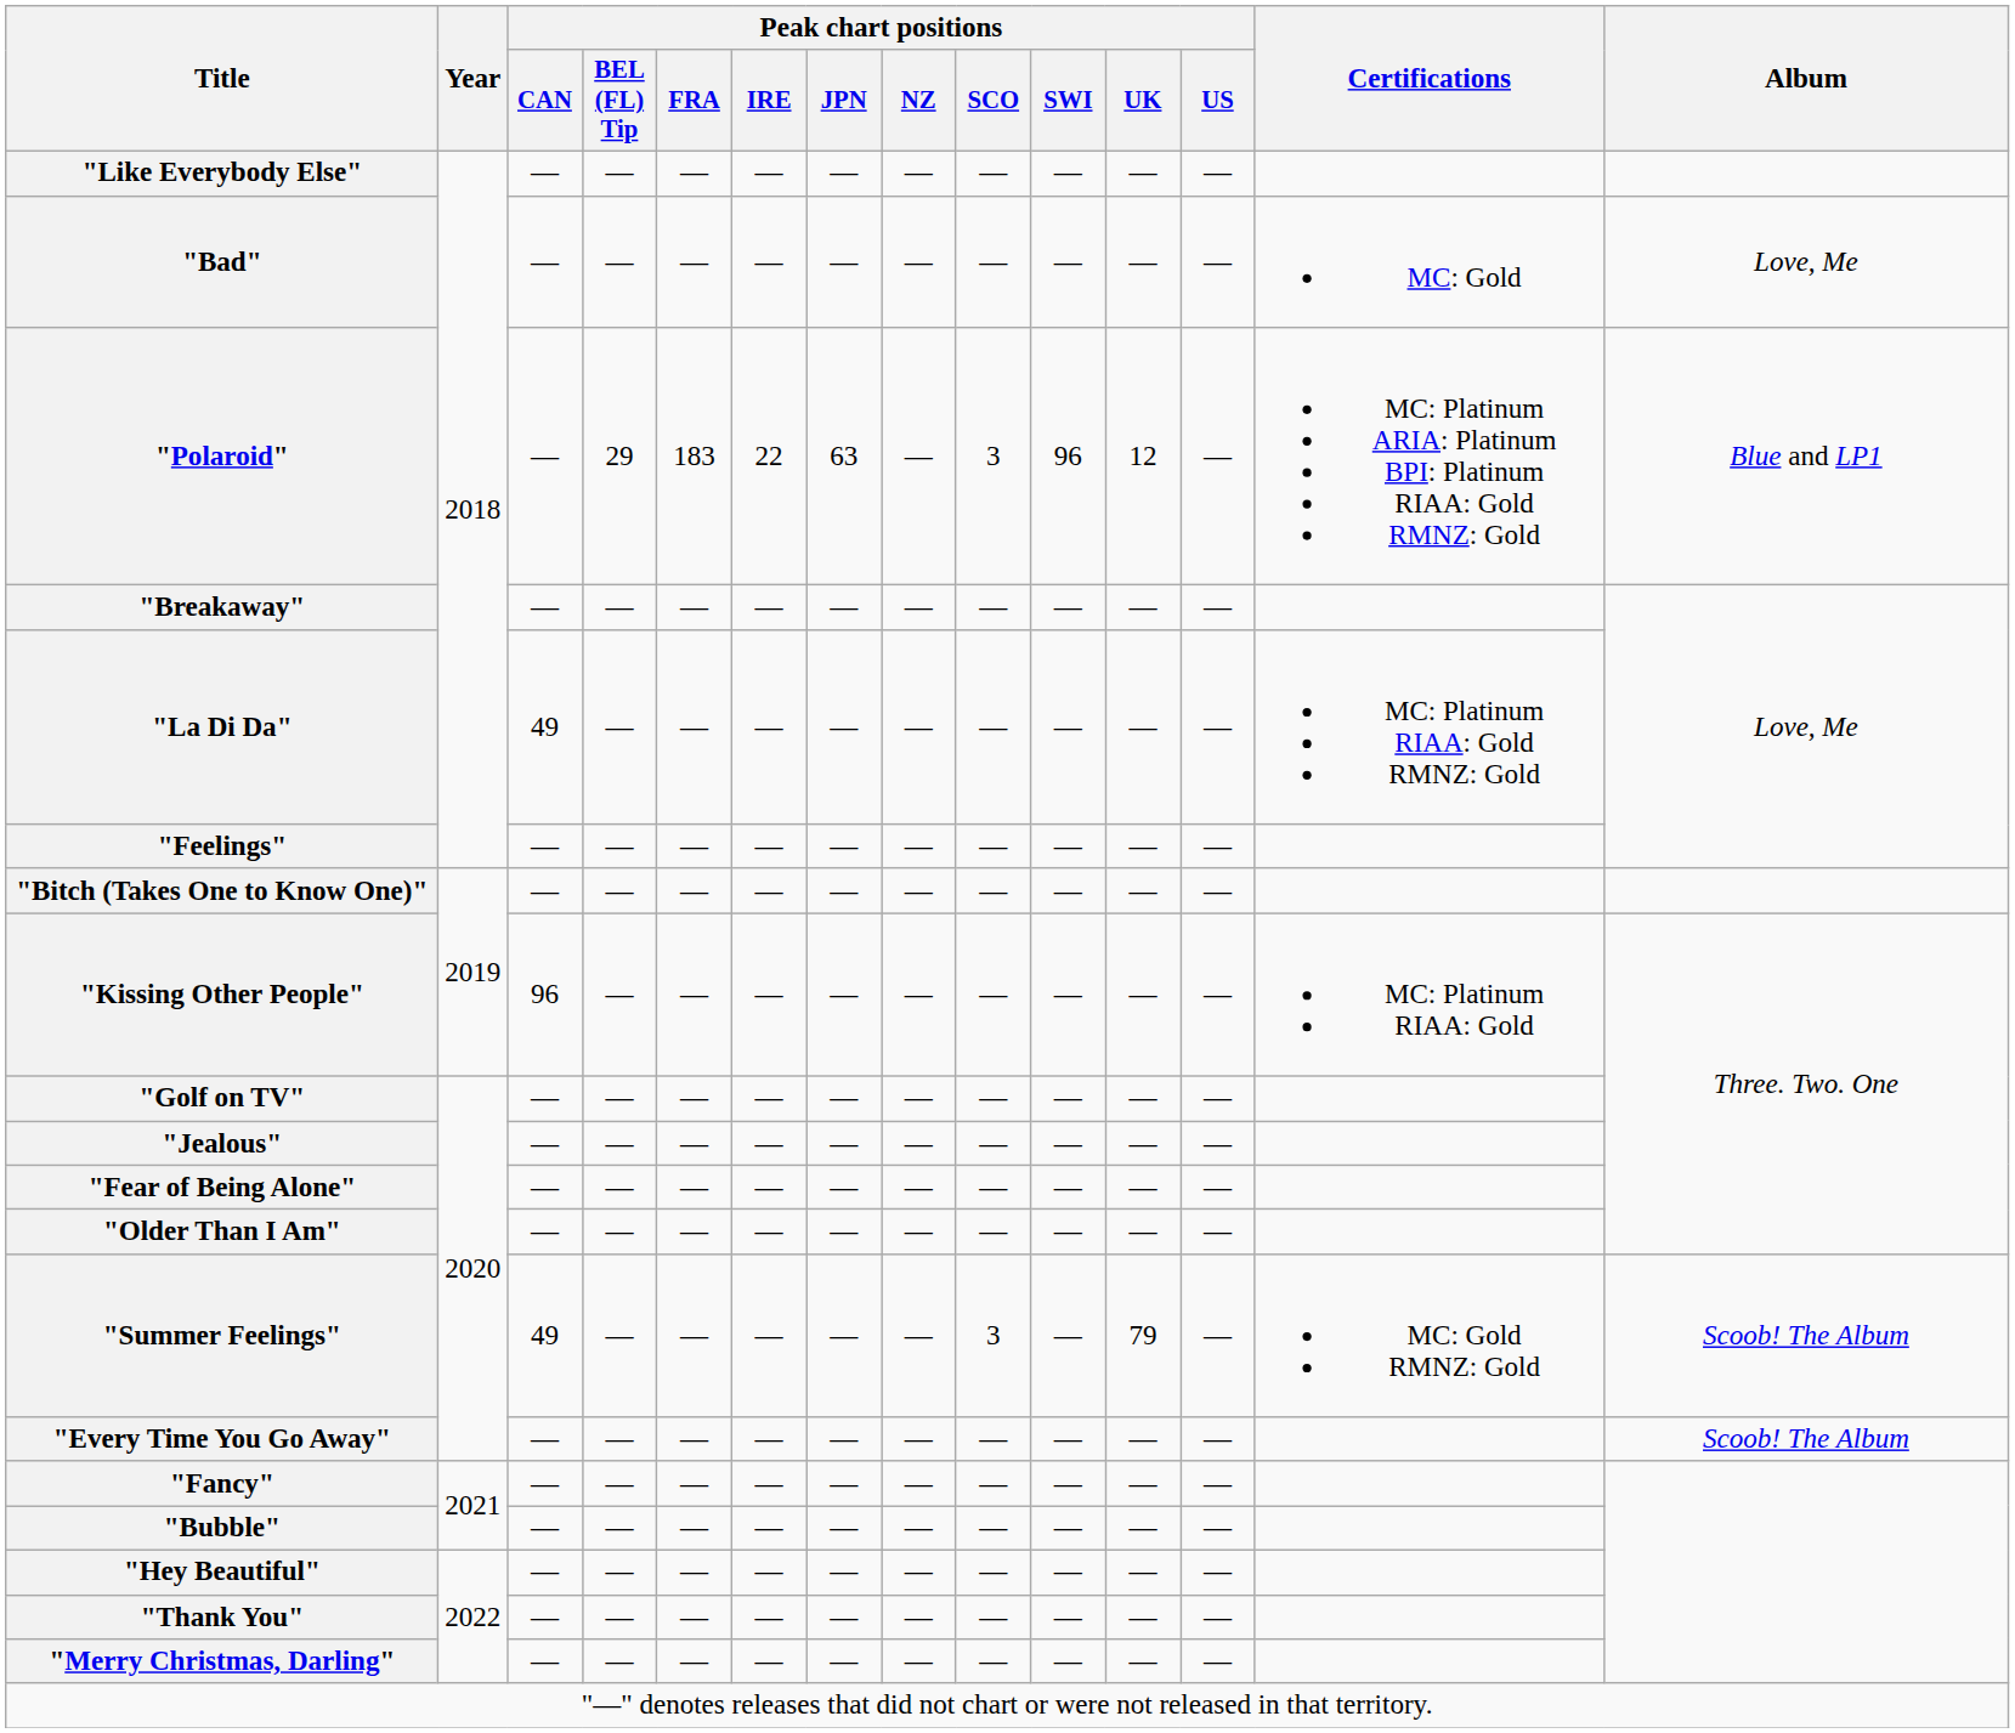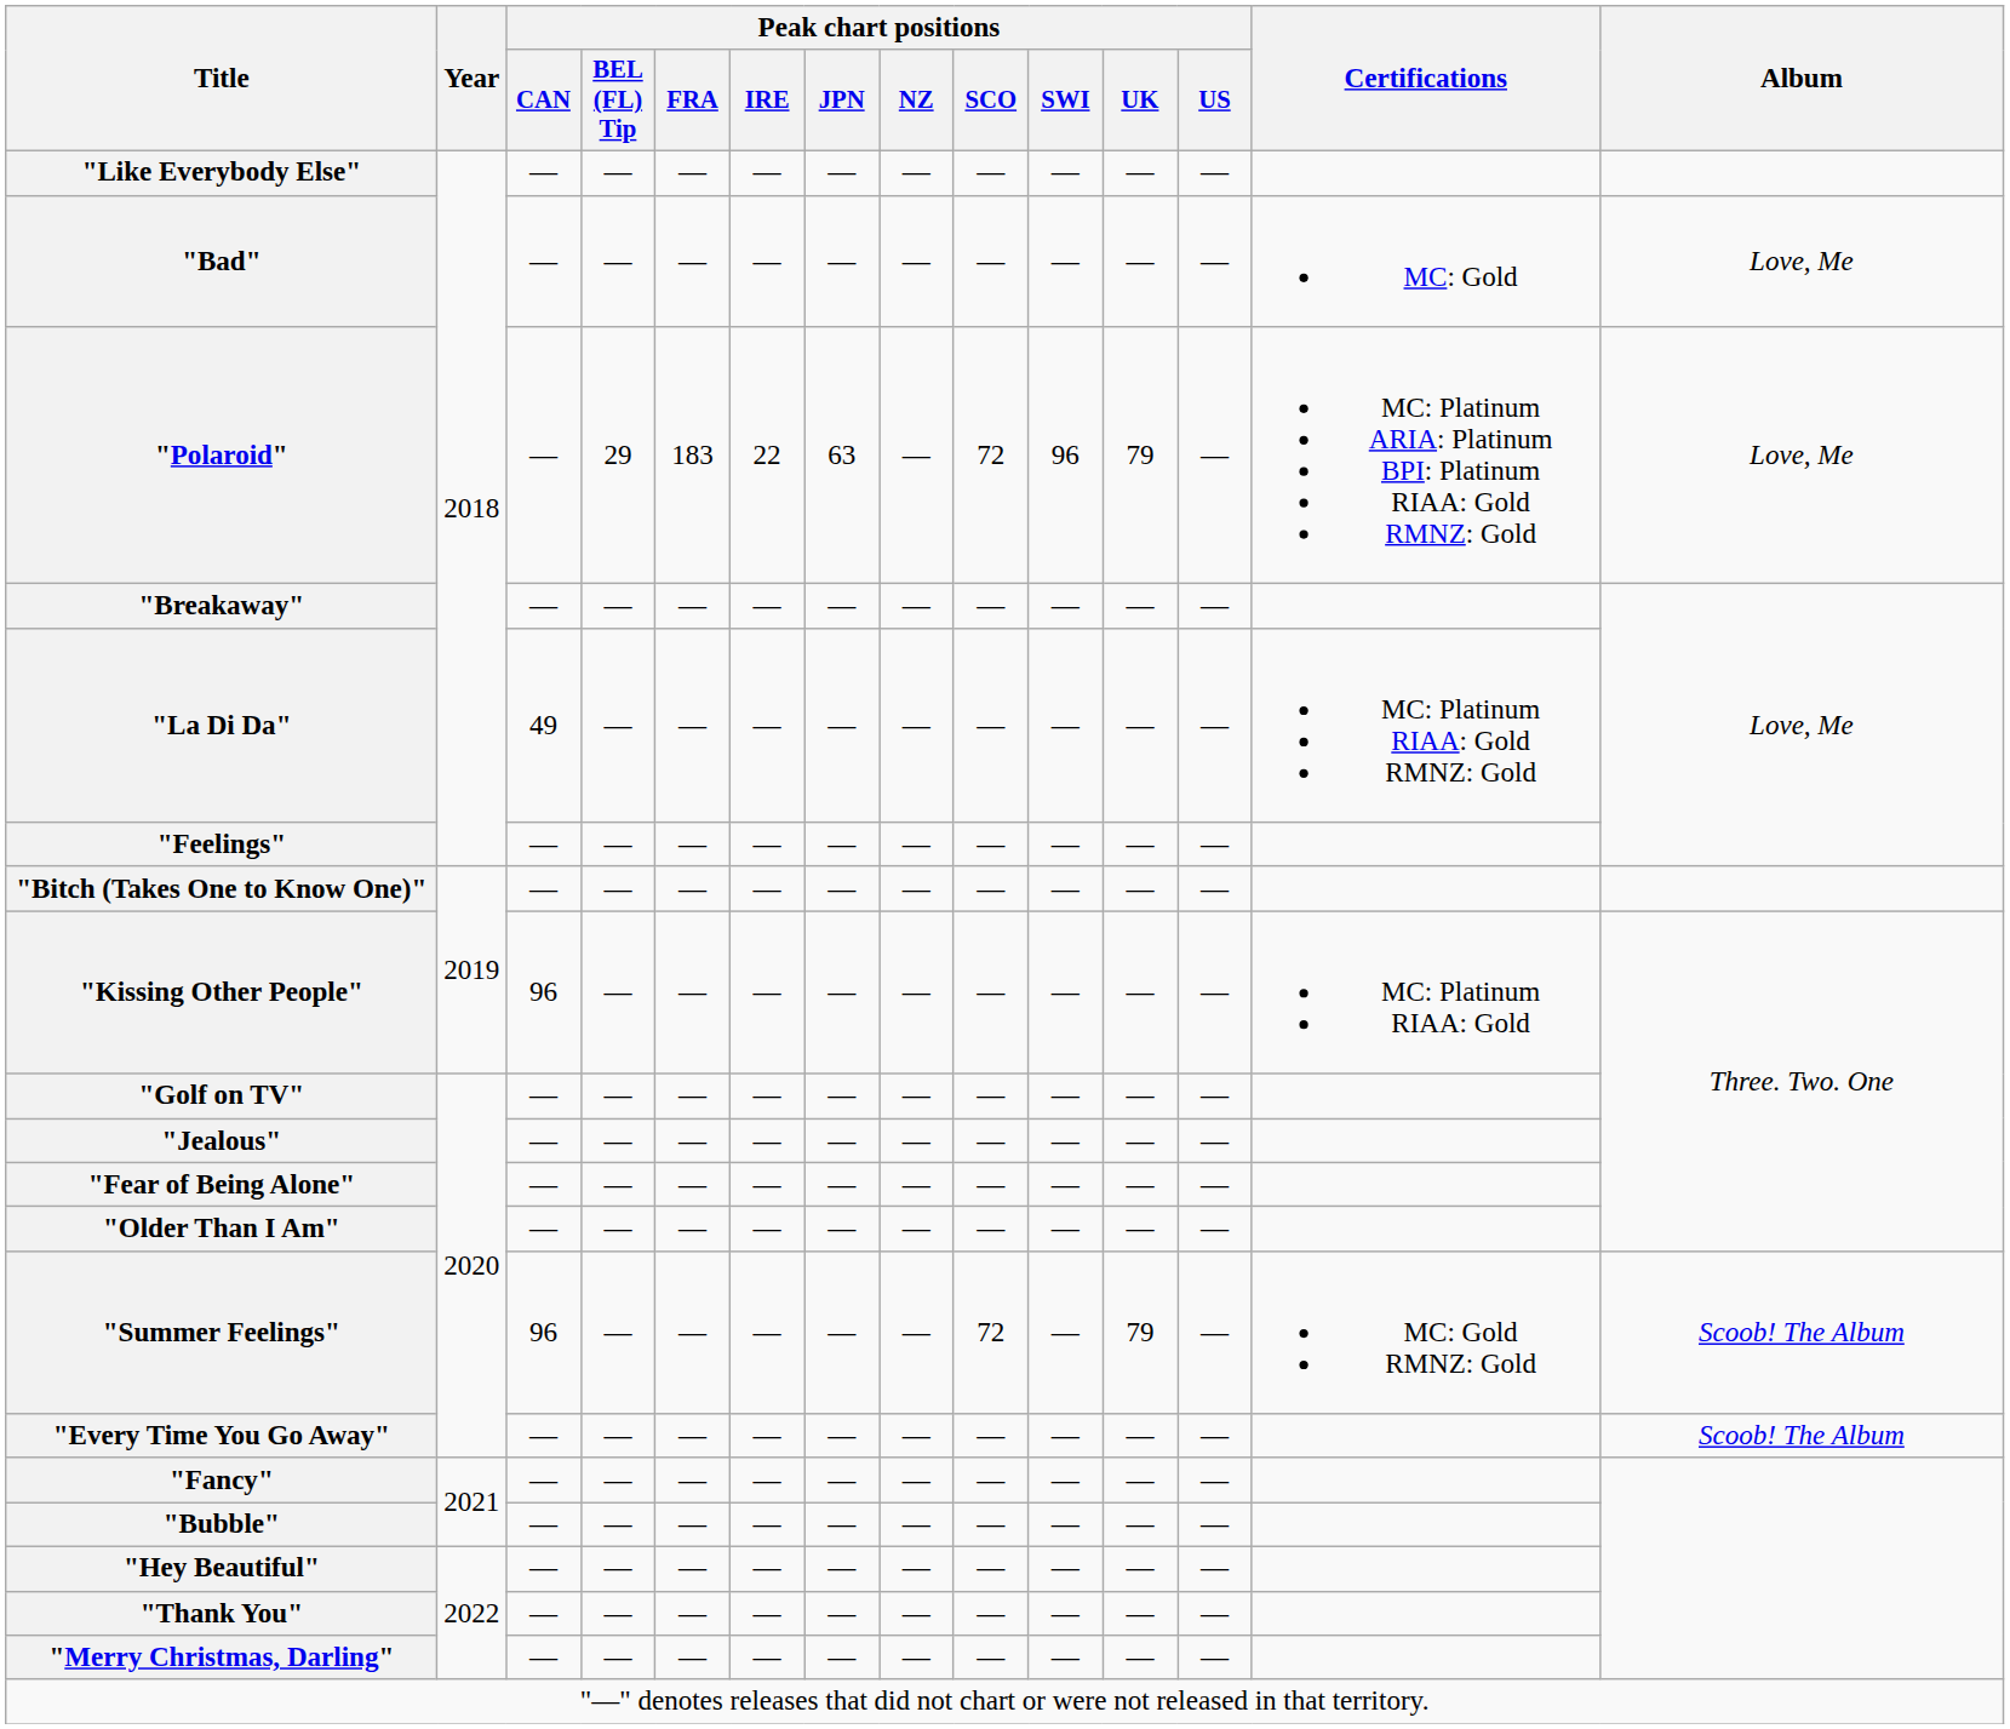 <table class="wikitable plainrowheaders" style="text-align:center;">
 <tr>
 <th scope="col" rowspan="2" style="width:15em;">Title</th>
 <th scope="col" rowspan="2" style="width:1em;">Year</th>
 <th scope="col" colspan="10">Peak chart positions</th>
 <th scope="col" rowspan="2" style="width:12em;"><a href='#'>Certifications</a></th>
 <th scope="col" rowspan="2" style="width:14em;">Album</th>
 </tr>
 <tr>
 <th scope="col" style="width:2.5em;font-size:90%;"><a href='#'>CAN</a><br></th>
 <th scope="col" style="width:2.5em;font-size:90%;"><a href='#'>BEL<br>(FL)<br>Tip</a><br></th>
 <th scope="col" style="width:2.5em;font-size:90%;"><a href='#'>FRA</a><br></th>
 <th scope="col" style="width:2.5em;font-size:90%;"><a href='#'>IRE</a><br></th>
 <th scope="col" style="width:2.5em;font-size:90%;"><a href='#'>JPN</a><br></th>
 <th scope="col" style="width:2.5em;font-size:90%;"><a href='#'>NZ</a><br></th>
 <th scope="col" style="width:2.5em;font-size:90%;"><a href='#'>SCO</a><br></th>
 <th scope="col" style="width:2.5em;font-size:90%;"><a href='#'>SWI</a><br></th>
 <th scope="col" style="width:2.5em;font-size:90%;"><a href='#'>UK</a><br></th>
 <th scope="col" style="width:2.5em;font-size:90%;"><a href='#'>US</a><br></th>
 </tr>
 <tr>
 <th scope="row">"Like Everybody Else"</th>
 <td rowspan="6">2018</td>
 <td>—</td>
 <td>—</td>
 <td>—</td>
 <td>—</td>
 <td>—</td>
 <td>—</td>
 <td>—</td>
 <td>—</td>
 <td>—</td>
 <td>—</td>
 <td></td>
 <td></td>
 </tr>
 <tr>
 <th scope="row">"Bad"</th>
 <td>—</td>
 <td>—</td>
 <td>—</td>
 <td>—</td>
 <td>—</td>
 <td>—</td>
 <td>—</td>
 <td>—</td>
 <td>—</td>
 <td>—</td>
 <td><br><ul><li><a href='#'>MC</a>: Gold</li></ul></td>
 <td><em>Love, Me</em></td>
 </tr>
 <tr>
 <th scope="row">"<a href='#'>Polaroid</a>"<br></th>
 <td>—</td>
 <td>29</td>
 <td>183</td>
 <td>22</td>
 <td>63</td>
 <td>—</td>
-<td>3</td>
+<td>72</td>
 <td>96</td>
-<td>12</td>
+<td>79</td>
 <td>—</td>
 <td><br><ul><li>MC: Platinum</li><li><a href='#'>ARIA</a>: Platinum</li><li><a href='#'>BPI</a>: Platinum</li><li>RIAA: Gold</li><li><a href='#'>RMNZ</a>: Gold</li></ul></td>
-<td><em><a href='#'>Blue</a></em> and <em><a href='#'>LP1</a></em></td>
+<td><em>Love, Me</em></td>
 </tr>
 <tr>
 <th scope="row">"Breakaway"</th>
 <td>—</td>
 <td>—</td>
 <td>—</td>
 <td>—</td>
 <td>—</td>
 <td>—</td>
 <td>—</td>
 <td>—</td>
 <td>—</td>
 <td>—</td>
 <td></td>
 <td rowspan="3"><em>Love, Me</em></td>
 </tr>
 <tr>
 <th scope="row">"La Di Da"</th>
 <td>49</td>
 <td>—</td>
 <td>—</td>
 <td>—</td>
 <td>—</td>
 <td>—</td>
 <td>—</td>
 <td>—</td>
 <td>—</td>
 <td>—</td>
 <td><br><ul><li>MC: Platinum</li><li><a href='#'>RIAA</a>: Gold</li><li>RMNZ: Gold</li></ul></td>
 </tr>
 <tr>
 <th scope="row">"Feelings"</th>
 <td>—</td>
 <td>—</td>
 <td>—</td>
 <td>—</td>
 <td>—</td>
 <td>—</td>
 <td>—</td>
 <td>—</td>
 <td>—</td>
 <td>—</td>
 <td></td>
 </tr>
 <tr>
 <th scope="row">"Bitch (Takes One to Know One)"</th>
 <td rowspan="2">2019</td>
 <td>—</td>
 <td>—</td>
 <td>—</td>
 <td>—</td>
 <td>—</td>
 <td>—</td>
 <td>—</td>
 <td>—</td>
 <td>—</td>
 <td>—</td>
 <td></td>
 <td></td>
 </tr>
 <tr>
 <th scope="row">"Kissing Other People"</th>
 <td>96</td>
 <td>—</td>
 <td>—</td>
 <td>—</td>
 <td>—</td>
 <td>—</td>
 <td>—</td>
 <td>—</td>
 <td>—</td>
 <td>—</td>
 <td><br><ul><li>MC: Platinum</li><li>RIAA: Gold</li></ul></td>
 <td rowspan="5"><em>Three. Two. One</em></td>
 </tr>
 <tr>
 <th scope="row">"Golf on TV"<br></th>
 <td rowspan="6">2020</td>
 <td>—</td>
 <td>—</td>
 <td>—</td>
 <td>—</td>
 <td>—</td>
 <td>—</td>
 <td>—</td>
 <td>—</td>
 <td>—</td>
 <td>—</td>
 <td></td>
 </tr>
 <tr>
 <th scope="row">"Jealous"</th>
 <td>—</td>
 <td>—</td>
 <td>—</td>
 <td>—</td>
 <td>—</td>
 <td>—</td>
 <td>—</td>
 <td>—</td>
 <td>—</td>
 <td>—</td>
 <td></td>
 </tr>
 <tr>
 <th scope="row">"Fear of Being Alone"</th>
 <td>—</td>
 <td>—</td>
 <td>—</td>
 <td>—</td>
 <td>—</td>
 <td>—</td>
 <td>—</td>
 <td>—</td>
 <td>—</td>
 <td>—</td>
 <td></td>
 </tr>
 <tr>
 <th scope="row">"Older Than I Am"</th>
 <td>—</td>
 <td>—</td>
 <td>—</td>
 <td>—</td>
 <td>—</td>
 <td>—</td>
 <td>—</td>
 <td>—</td>
 <td>—</td>
 <td>—</td>
 </tr>
 <tr>
 <th scope="row">"Summer Feelings"<br></th>
-<td>49</td>
+<td>96</td>
 <td>—</td>
 <td>—</td>
 <td>—</td>
 <td>—</td>
 <td>—</td>
-<td>3</td>
+<td>72</td>
 <td>—</td>
 <td>79</td>
 <td>—</td>
 <td><br><ul><li>MC: Gold</li><li>RMNZ: Gold</li></ul></td>
 <td><em><a href='#'>Scoob! The Album</a></em></td>
 </tr>
 <tr>
 <th scope="row">"Every Time You Go Away"<br></th>
 <td>—</td>
 <td>—</td>
 <td>—</td>
 <td>—</td>
 <td>—</td>
 <td>—</td>
 <td>—</td>
 <td>—</td>
 <td>—</td>
 <td>—</td>
 <td></td>
 <td><em><a href='#'>Scoob! The Album</a></em></td>
 </tr>
 <tr>
 <th scope="row">"Fancy"</th>
 <td rowspan="2">2021</td>
 <td>—</td>
 <td>—</td>
 <td>—</td>
 <td>—</td>
 <td>—</td>
 <td>—</td>
 <td>—</td>
 <td>—</td>
 <td>—</td>
 <td>—</td>
 <td></td>
 </tr>
 <tr>
 <th scope="row">"Bubble"</th>
 <td>—</td>
 <td>—</td>
 <td>—</td>
 <td>—</td>
 <td>—</td>
 <td>—</td>
 <td>—</td>
 <td>—</td>
 <td>—</td>
 <td>—</td>
 <td></td>
 </tr>
 <tr>
 <th scope="row">"Hey Beautiful"</th>
 <td rowspan="3">2022</td>
 <td>—</td>
 <td>—</td>
 <td>—</td>
 <td>—</td>
 <td>—</td>
 <td>—</td>
 <td>—</td>
 <td>—</td>
 <td>—</td>
 <td>—</td>
 <td></td>
 </tr>
 <tr>
 <th scope="row">"Thank You"</th>
 <td>—</td>
 <td>—</td>
 <td>—</td>
 <td>—</td>
 <td>—</td>
 <td>—</td>
 <td>—</td>
 <td>—</td>
 <td>—</td>
 <td>—</td>
 <td></td>
 </tr>
 <tr>
 <th scope="row">"<a href='#'>Merry Christmas, Darling</a>"</th>
 <td>—</td>
 <td>—</td>
 <td>—</td>
 <td>—</td>
 <td>—</td>
 <td>—</td>
 <td>—</td>
 <td>—</td>
 <td>—</td>
 <td>—</td>
 <td></td>
 </tr>
 <tr>
 <td colspan="15">"—" denotes releases that did not chart or were not released in that territory.</td>
 </tr>
 </table>
